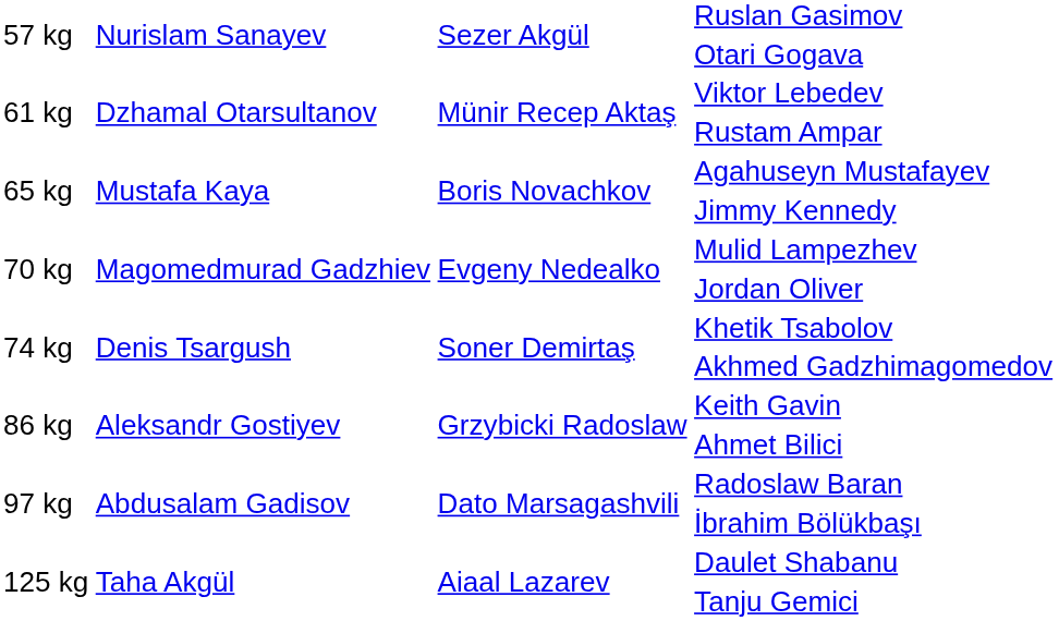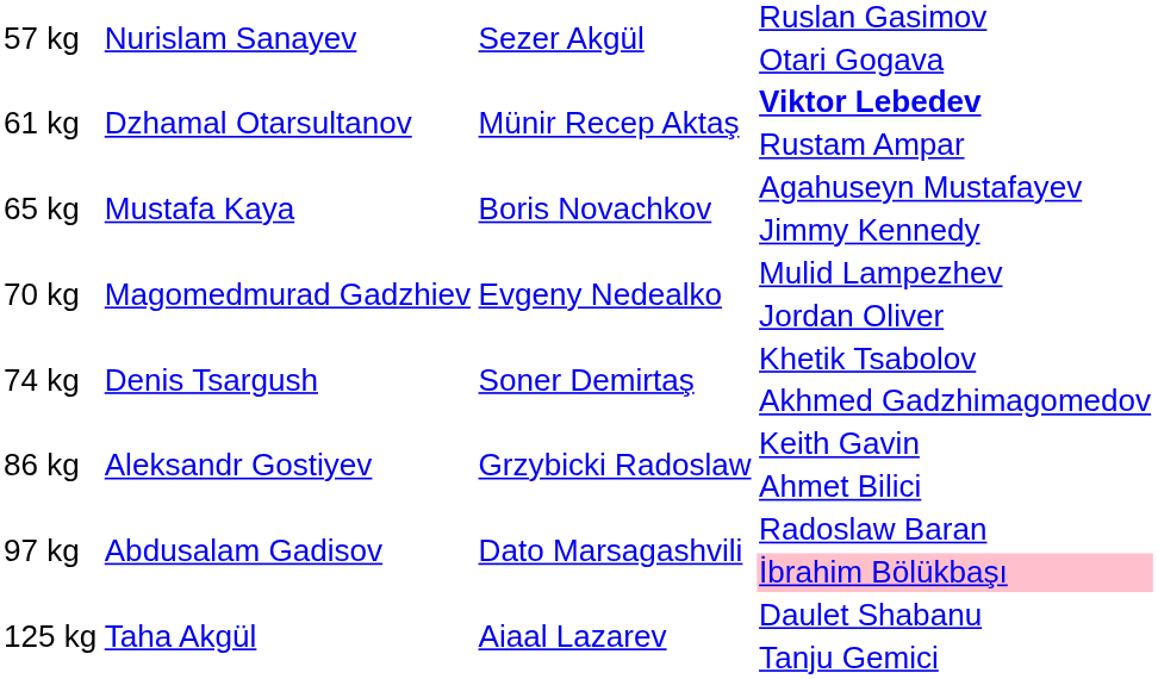 <table>
 <tr>
 <td rowspan=2>57 kg</td>
 <td rowspan=2> <a href='#'>Nurislam Sanayev</a></td>
 <td rowspan=2> <a href='#'>Sezer Akgül</a></td>
 <td> <a href='#'>Ruslan Gasimov</a></td>
 </tr>
 <tr>
 <td> <a href='#'>Otari Gogava</a></td>
 </tr>
 <tr>
 <td rowspan=2>61 kg</td>
 <td rowspan=2> <a href='#'>Dzhamal Otarsultanov</a></td>
 <td rowspan=2> <a href='#'>Münir Recep Aktaş</a></td>
-<td> <a href='#'>Viktor Lebedev</a></td>
+<td><strong> <a href='#'>Viktor Lebedev</a></strong></td>
 </tr>
 <tr>
 <td> <a href='#'>Rustam Ampar</a></td>
 </tr>
 <tr>
 <td rowspan=2>65 kg</td>
 <td rowspan=2> <a href='#'>Mustafa Kaya</a></td>
 <td rowspan=2> <a href='#'>Boris Novachkov</a></td>
 <td> <a href='#'>Agahuseyn Mustafayev</a></td>
 </tr>
 <tr>
 <td> <a href='#'>Jimmy Kennedy</a></td>
 </tr>
 <tr>
 <td rowspan=2>70 kg</td>
 <td rowspan=2> <a href='#'>Magomedmurad Gadzhiev</a></td>
 <td rowspan=2> <a href='#'>Evgeny Nedealko</a></td>
 <td> <a href='#'>Mulid Lampezhev</a></td>
 </tr>
 <tr>
 <td> <a href='#'>Jordan Oliver</a></td>
 </tr>
 <tr>
 <td rowspan=2>74 kg</td>
 <td rowspan=2> <a href='#'>Denis Tsargush</a></td>
 <td rowspan=2> <a href='#'>Soner Demirtaş</a></td>
 <td> <a href='#'>Khetik Tsabolov</a></td>
 </tr>
 <tr>
 <td> <a href='#'>Akhmed Gadzhimagomedov</a></td>
 </tr>
 <tr>
 <td rowspan=2>86 kg</td>
 <td rowspan=2> <a href='#'>Aleksandr Gostiyev</a></td>
 <td rowspan=2> <a href='#'>Grzybicki Radoslaw</a></td>
 <td> <a href='#'>Keith Gavin</a></td>
 </tr>
 <tr>
 <td> <a href='#'>Ahmet Bilici</a></td>
 </tr>
 <tr>
 <td rowspan=2>97 kg</td>
 <td rowspan=2> <a href='#'>Abdusalam Gadisov</a></td>
 <td rowspan=2> <a href='#'>Dato Marsagashvili</a></td>
 <td> <a href='#'>Radoslaw Baran</a></td>
 </tr>
 <tr>
-<td> <a href='#'>İbrahim Bölükbaşı</a></td>
+<td style="background: pink;"> <a href='#'>İbrahim Bölükbaşı</a></td>
 </tr>
 <tr>
 <td rowspan=2>125 kg</td>
 <td rowspan=2> <a href='#'>Taha Akgül</a></td>
 <td rowspan=2> <a href='#'>Aiaal Lazarev</a></td>
 <td> <a href='#'>Daulet Shabanu</a></td>
 </tr>
 <tr>
 <td> <a href='#'>Tanju Gemici</a></td>
 </tr>
 <tr>
 </tr>
 </table>
